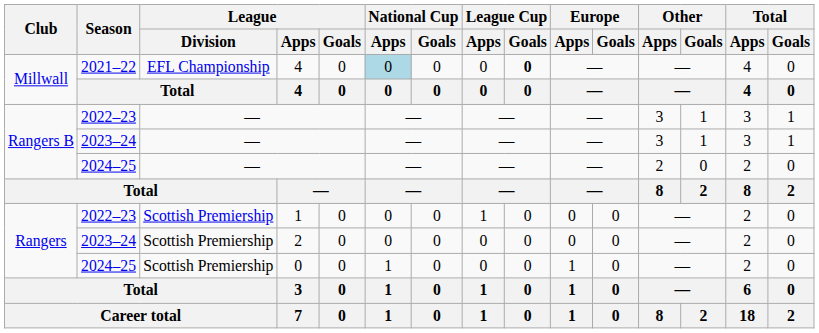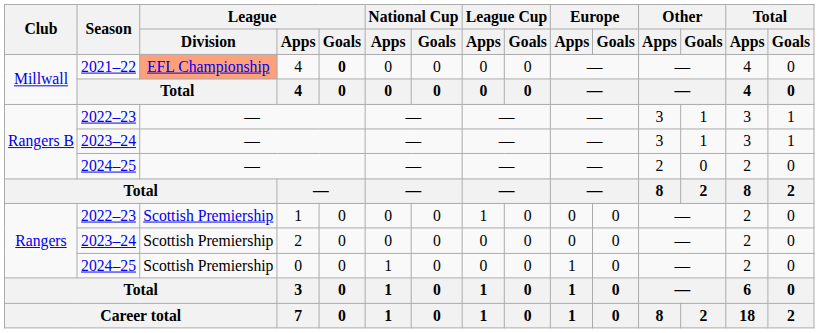 <table class="wikitable" style="text-align:center">
 <tr>
 <th rowspan="2">Club</th>
 <th rowspan="2">Season</th>
 <th colspan="3">League</th>
 <th colspan="2">National Cup</th>
 <th colspan="2">League Cup</th>
 <th colspan="2">Europe</th>
 <th colspan="2">Other</th>
 <th colspan="2">Total</th>
 </tr>
 <tr>
 <th>Division</th>
 <th>Apps</th>
 <th>Goals</th>
 <th>Apps</th>
 <th>Goals</th>
 <th>Apps</th>
 <th>Goals</th>
 <th>Apps</th>
 <th>Goals</th>
 <th>Apps</th>
 <th>Goals</th>
 <th>Apps</th>
 <th>Goals</th>
 </tr>
 <tr>
 <td rowspan="2"><a href='#'>Millwall</a></td>
 <td><a href='#'>2021–22</a></td>
-<td><a href='#'>EFL Championship</a></td>
+<td style="background: lightsalmon;"><a href='#'>EFL Championship</a></td>
 <td>4</td>
-<td>0</td>
-<td style="background: lightblue;">0</td>
+<td><strong>0</strong></td>
 <td>0</td>
 <td>0</td>
-<td><strong>0</strong></td>
+<td>0</td>
+<td>0</td>
 <td colspan="2">—</td>
 <td colspan="2">—</td>
 <td>4</td>
 <td>0</td>
 </tr>
 <tr>
 <th colspan="2">Total</th>
 <th>4</th>
 <th>0</th>
 <th>0</th>
 <th>0</th>
 <th>0</th>
 <th>0</th>
 <th colspan=2>—</th>
 <th colspan=2>—</th>
 <th>4</th>
 <th>0</th>
 </tr>
 <tr>
 <td rowspan="3"><a href='#'>Rangers B</a></td>
 <td><a href='#'>2022–23</a></td>
 <td colspan="3">—</td>
 <td colspan="2">—</td>
 <td colspan="2">—</td>
 <td colspan="2">—</td>
 <td>3</td>
 <td>1</td>
 <td>3</td>
 <td>1</td>
 </tr>
 <tr>
 <td><a href='#'>2023–24</a></td>
 <td colspan="3">—</td>
 <td colspan="2">—</td>
 <td colspan="2">—</td>
 <td colspan="2">—</td>
 <td>3</td>
 <td>1</td>
 <td>3</td>
 <td>1</td>
 </tr>
 <tr>
 <td><a href='#'>2024–25</a></td>
 <td colspan="3">—</td>
 <td colspan="2">—</td>
 <td colspan="2">—</td>
 <td colspan="2">—</td>
 <td>2</td>
 <td>0</td>
 <td>2</td>
 <td>0</td>
 </tr>
 <tr>
 <th colspan=3>Total</th>
 <th colspan=2>—</th>
 <th colspan=2>—</th>
 <th colspan=2>—</th>
 <th colspan=2>—</th>
 <th>8</th>
 <th>2</th>
 <th>8</th>
 <th>2</th>
 </tr>
 <tr>
 <td rowspan="3"><a href='#'>Rangers</a></td>
 <td><a href='#'>2022–23</a></td>
 <td><a href='#'>Scottish Premiership</a></td>
 <td>1</td>
 <td>0</td>
 <td>0</td>
 <td>0</td>
 <td>1</td>
 <td>0</td>
 <td>0</td>
 <td>0</td>
 <td colspan="2">—</td>
 <td>2</td>
 <td>0</td>
 </tr>
 <tr>
 <td><a href='#'>2023–24</a></td>
 <td>Scottish Premiership</td>
 <td>2</td>
 <td>0</td>
 <td>0</td>
 <td>0</td>
 <td>0</td>
 <td>0</td>
 <td>0</td>
 <td>0</td>
 <td colspan="2">—</td>
 <td>2</td>
 <td>0</td>
 </tr>
 <tr>
 <td><a href='#'>2024–25</a></td>
 <td>Scottish Premiership</td>
 <td>0</td>
 <td>0</td>
 <td>1</td>
 <td>0</td>
 <td>0</td>
 <td>0</td>
 <td>1</td>
 <td>0</td>
 <td colspan="2">—</td>
 <td>2</td>
 <td>0</td>
 </tr>
 <tr>
 <th colspan="3">Total</th>
 <th>3</th>
 <th>0</th>
 <th>1</th>
 <th>0</th>
 <th>1</th>
 <th>0</th>
 <th>1</th>
 <th>0</th>
 <th colspan=2>—</th>
 <th>6</th>
 <th>0</th>
 </tr>
 <tr>
 <th colspan="3">Career total</th>
 <th>7</th>
 <th>0</th>
 <th>1</th>
 <th>0</th>
 <th>1</th>
 <th>0</th>
 <th>1</th>
 <th>0</th>
 <th>8</th>
 <th>2</th>
 <th>18</th>
 <th>2</th>
 </tr>
 </table>
